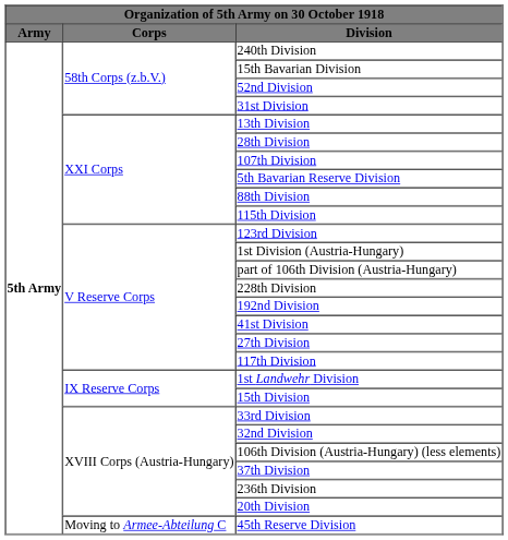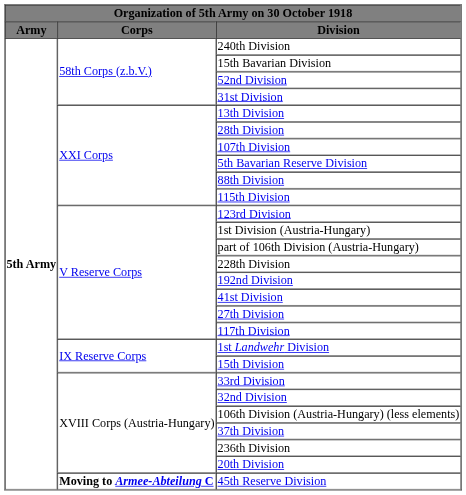 <table style="float: right;" border="1" cellpadding="1" cellspacing="0" style="font-size: 100%; border: gray solid 1px; border-collapse: collapse; text-align: center;">
 <tr style="background-color:grey; color:black;">
 <th colspan="3">Organization of 5th Army on 30 October 1918</th>
 </tr>
 <tr>
 </tr>
 <tr style="background-color:grey; color:black;">
 <th>Army</th>
 <th>Corps</th>
 <th>Division</th>
 </tr>
 <tr>
 <td ROWSPAN=27><strong>5th Army</strong></td>
 <td ROWSPAN=4><a href='#'>58th Corps (z.b.V.)</a></td>
 <td>240th Division</td>
 </tr>
 <tr>
 <td>15th Bavarian Division</td>
 </tr>
 <tr>
 <td><a href='#'>52nd Division</a></td>
 </tr>
 <tr>
 <td><a href='#'>31st Division</a></td>
 </tr>
 <tr>
 <td ROWSPAN=6><a href='#'>XXI Corps</a></td>
 <td><a href='#'>13th Division</a></td>
 </tr>
 <tr>
 <td><a href='#'>28th Division</a></td>
 </tr>
 <tr>
 <td><a href='#'>107th Division</a></td>
 </tr>
 <tr>
 <td><a href='#'>5th Bavarian Reserve Division</a></td>
 </tr>
 <tr>
 <td><a href='#'>88th Division</a></td>
 </tr>
 <tr>
 <td><a href='#'>115th Division</a></td>
 </tr>
 <tr>
 <td ROWSPAN=8><a href='#'>V Reserve Corps</a></td>
 <td><a href='#'>123rd Division</a></td>
 </tr>
 <tr>
 <td>1st Division (Austria-Hungary)</td>
 </tr>
 <tr>
 <td>part of 106th Division (Austria-Hungary)</td>
 </tr>
 <tr>
 <td>228th Division</td>
 </tr>
 <tr>
 <td><a href='#'>192nd Division</a></td>
 </tr>
 <tr>
 <td><a href='#'>41st Division</a></td>
 </tr>
 <tr>
 <td><a href='#'>27th Division</a></td>
 </tr>
 <tr>
 <td><a href='#'>117th Division</a></td>
 </tr>
 <tr>
 <td ROWSPAN=2><a href='#'>IX Reserve Corps</a></td>
 <td><a href='#'>1st <em>Landwehr</em> Division</a></td>
 </tr>
 <tr>
 <td><a href='#'>15th Division</a></td>
 </tr>
 <tr>
 <td ROWSPAN=6>XVIII Corps (Austria-Hungary)</td>
 <td><a href='#'>33rd Division</a></td>
 </tr>
 <tr>
 <td><a href='#'>32nd Division</a></td>
 </tr>
 <tr>
 <td>106th Division (Austria-Hungary) (less elements)</td>
 </tr>
 <tr>
 <td><a href='#'>37th Division</a></td>
 </tr>
 <tr>
 <td>236th Division</td>
 </tr>
 <tr>
 <td><a href='#'>20th Division</a></td>
 </tr>
 <tr>
-<td ROWSPAN=1>Moving to <a href='#'><em>Armee-Abteilung</em> C</a></td>
+<td ROWSPAN=1><strong>Moving to <a href='#'><em>Armee-Abteilung</em> C</a></strong></td>
 <td><a href='#'>45th Reserve Division</a></td>
 </tr>
 <tr>
 </tr>
 </table>
